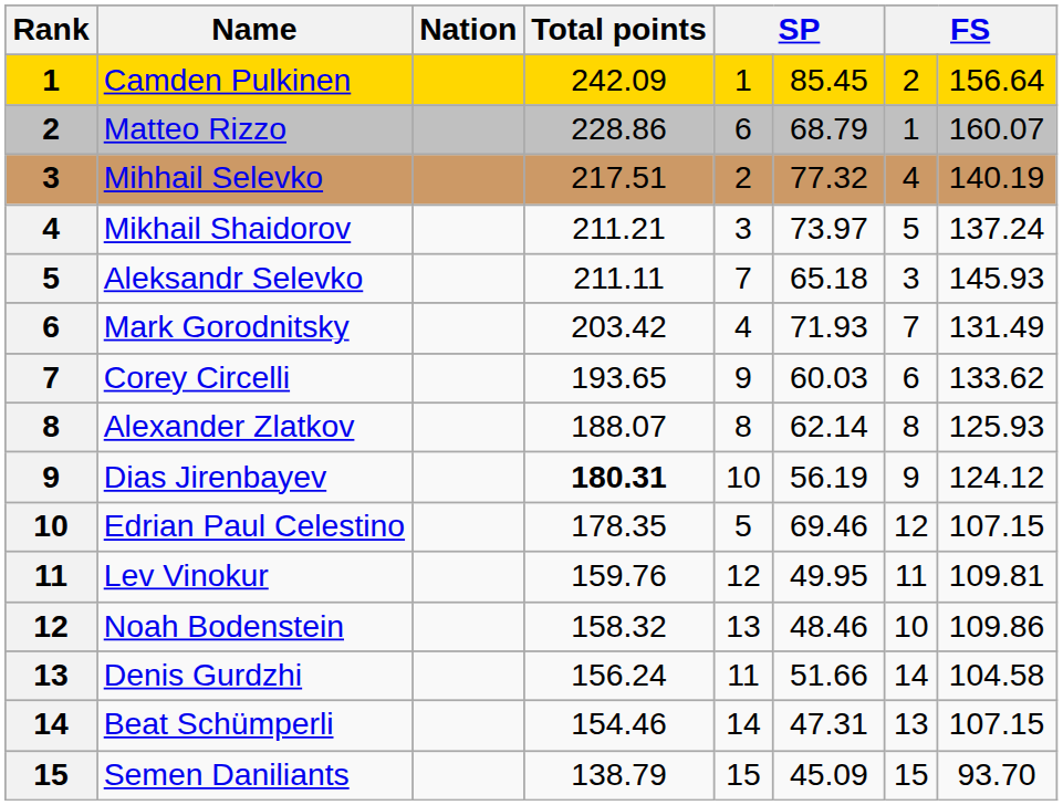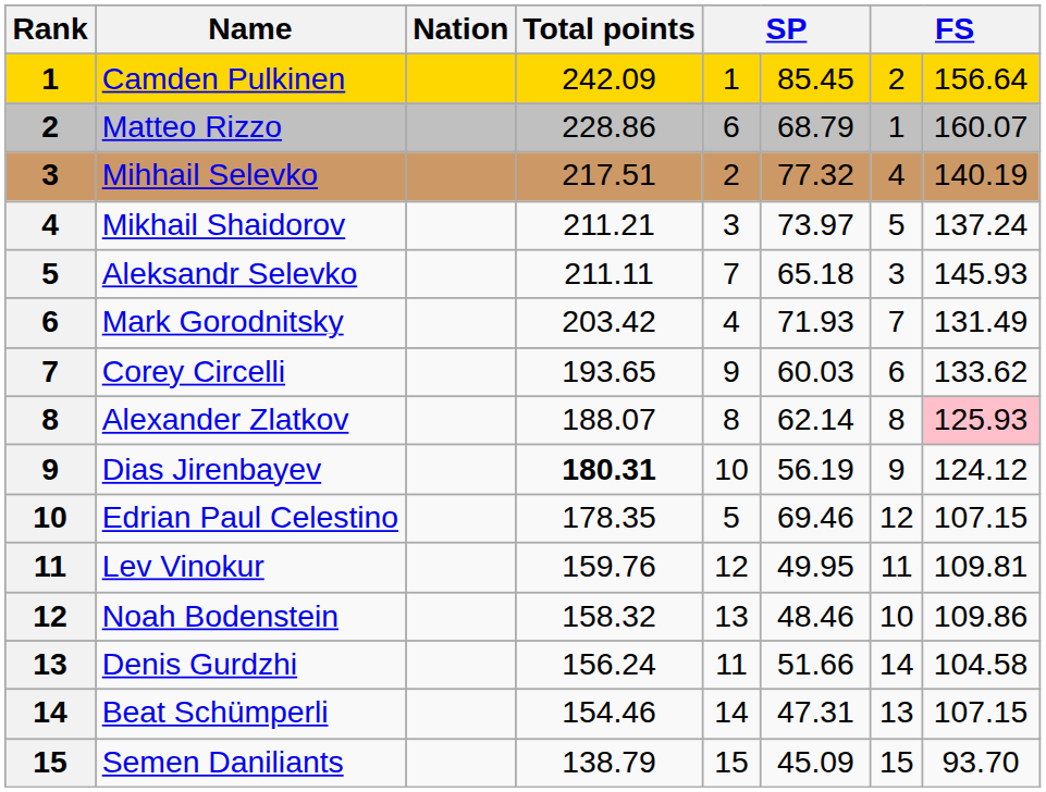 <table class="wikitable sortable">
 <tr>
 <th>Rank</th>
 <th>Name</th>
 <th>Nation</th>
 <th>Total points</th>
 <th colspan="2" width="80px"><a href='#'>SP</a></th>
 <th colspan="2" width="80px"><a href='#'>FS</a></th>
 </tr>
 <tr bgcolor="gold">
 <td align="center"><strong>1</strong></td>
 <td><a href='#'>Camden Pulkinen</a></td>
 <td></td>
 <td align="center">242.09</td>
 <td align="center">1</td>
 <td align="center">85.45</td>
 <td align="center">2</td>
 <td align="center">156.64</td>
 </tr>
 <tr bgcolor="silver">
 <td align="center"><strong>2</strong></td>
 <td><a href='#'>Matteo Rizzo</a></td>
 <td></td>
 <td align="center">228.86</td>
 <td align="center">6</td>
 <td align="center">68.79</td>
 <td align="center">1</td>
 <td align="center">160.07</td>
 </tr>
 <tr bgcolor="cc9966">
 <td align="center"><strong>3</strong></td>
 <td><a href='#'>Mihhail Selevko</a></td>
 <td></td>
 <td align="center">217.51</td>
 <td align="center">2</td>
 <td align="center">77.32</td>
 <td align="center">4</td>
 <td align="center">140.19</td>
 </tr>
 <tr>
 <th>4</th>
 <td><a href='#'>Mikhail Shaidorov</a></td>
 <td></td>
 <td align="center">211.21</td>
 <td align="center">3</td>
 <td align="center">73.97</td>
 <td align="center">5</td>
 <td align="center">137.24</td>
 </tr>
 <tr>
 <th>5</th>
 <td><a href='#'>Aleksandr Selevko</a></td>
 <td></td>
 <td align="center">211.11</td>
 <td align="center">7</td>
 <td align="center">65.18</td>
 <td align="center">3</td>
 <td align="center">145.93</td>
 </tr>
 <tr>
 <th>6</th>
 <td><a href='#'>Mark Gorodnitsky</a></td>
 <td></td>
 <td align="center">203.42</td>
 <td align="center">4</td>
 <td align="center">71.93</td>
 <td align="center">7</td>
 <td align="center">131.49</td>
 </tr>
 <tr>
 <th>7</th>
 <td><a href='#'>Corey Circelli</a></td>
 <td></td>
 <td align="center">193.65</td>
 <td align="center">9</td>
 <td align="center">60.03</td>
 <td align="center">6</td>
 <td align="center">133.62</td>
 </tr>
 <tr>
 <th>8</th>
 <td><a href='#'>Alexander Zlatkov</a></td>
 <td></td>
 <td align="center">188.07</td>
 <td align="center">8</td>
 <td align="center">62.14</td>
 <td align="center">8</td>
-<td align="center">125.93</td>
+<td align="center" style="background: pink;">125.93</td>
 </tr>
 <tr>
 <th>9</th>
 <td><a href='#'>Dias Jirenbayev</a></td>
 <td></td>
 <td align="center"><strong>180.31</strong></td>
 <td align="center">10</td>
 <td align="center">56.19</td>
 <td align="center">9</td>
 <td align="center">124.12</td>
 </tr>
 <tr>
 <th>10</th>
 <td><a href='#'>Edrian Paul Celestino</a></td>
 <td></td>
 <td align="center">178.35</td>
 <td align="center">5</td>
 <td align="center">69.46</td>
 <td align="center">12</td>
 <td align="center">107.15</td>
 </tr>
 <tr>
 <th>11</th>
 <td><a href='#'>Lev Vinokur</a></td>
 <td></td>
 <td align="center">159.76</td>
 <td align="center">12</td>
 <td align="center">49.95</td>
 <td align="center">11</td>
 <td align="center">109.81</td>
 </tr>
 <tr>
 <th>12</th>
 <td><a href='#'>Noah Bodenstein</a></td>
 <td></td>
 <td align="center">158.32</td>
 <td align="center">13</td>
 <td align="center">48.46</td>
 <td align="center">10</td>
 <td align="center">109.86</td>
 </tr>
 <tr>
 <th>13</th>
 <td><a href='#'>Denis Gurdzhi</a></td>
 <td></td>
 <td align="center">156.24</td>
 <td align="center">11</td>
 <td align="center">51.66</td>
 <td align="center">14</td>
 <td align="center">104.58</td>
 </tr>
 <tr>
 <th>14</th>
 <td><a href='#'>Beat Schümperli</a></td>
 <td></td>
 <td align="center">154.46</td>
 <td align="center">14</td>
 <td align="center">47.31</td>
 <td align="center">13</td>
 <td align="center">107.15</td>
 </tr>
 <tr>
 <th>15</th>
 <td><a href='#'>Semen Daniliants</a></td>
 <td></td>
 <td align="center">138.79</td>
 <td align="center">15</td>
 <td align="center">45.09</td>
 <td align="center">15</td>
 <td align="center">93.70</td>
 </tr>
 </table>
